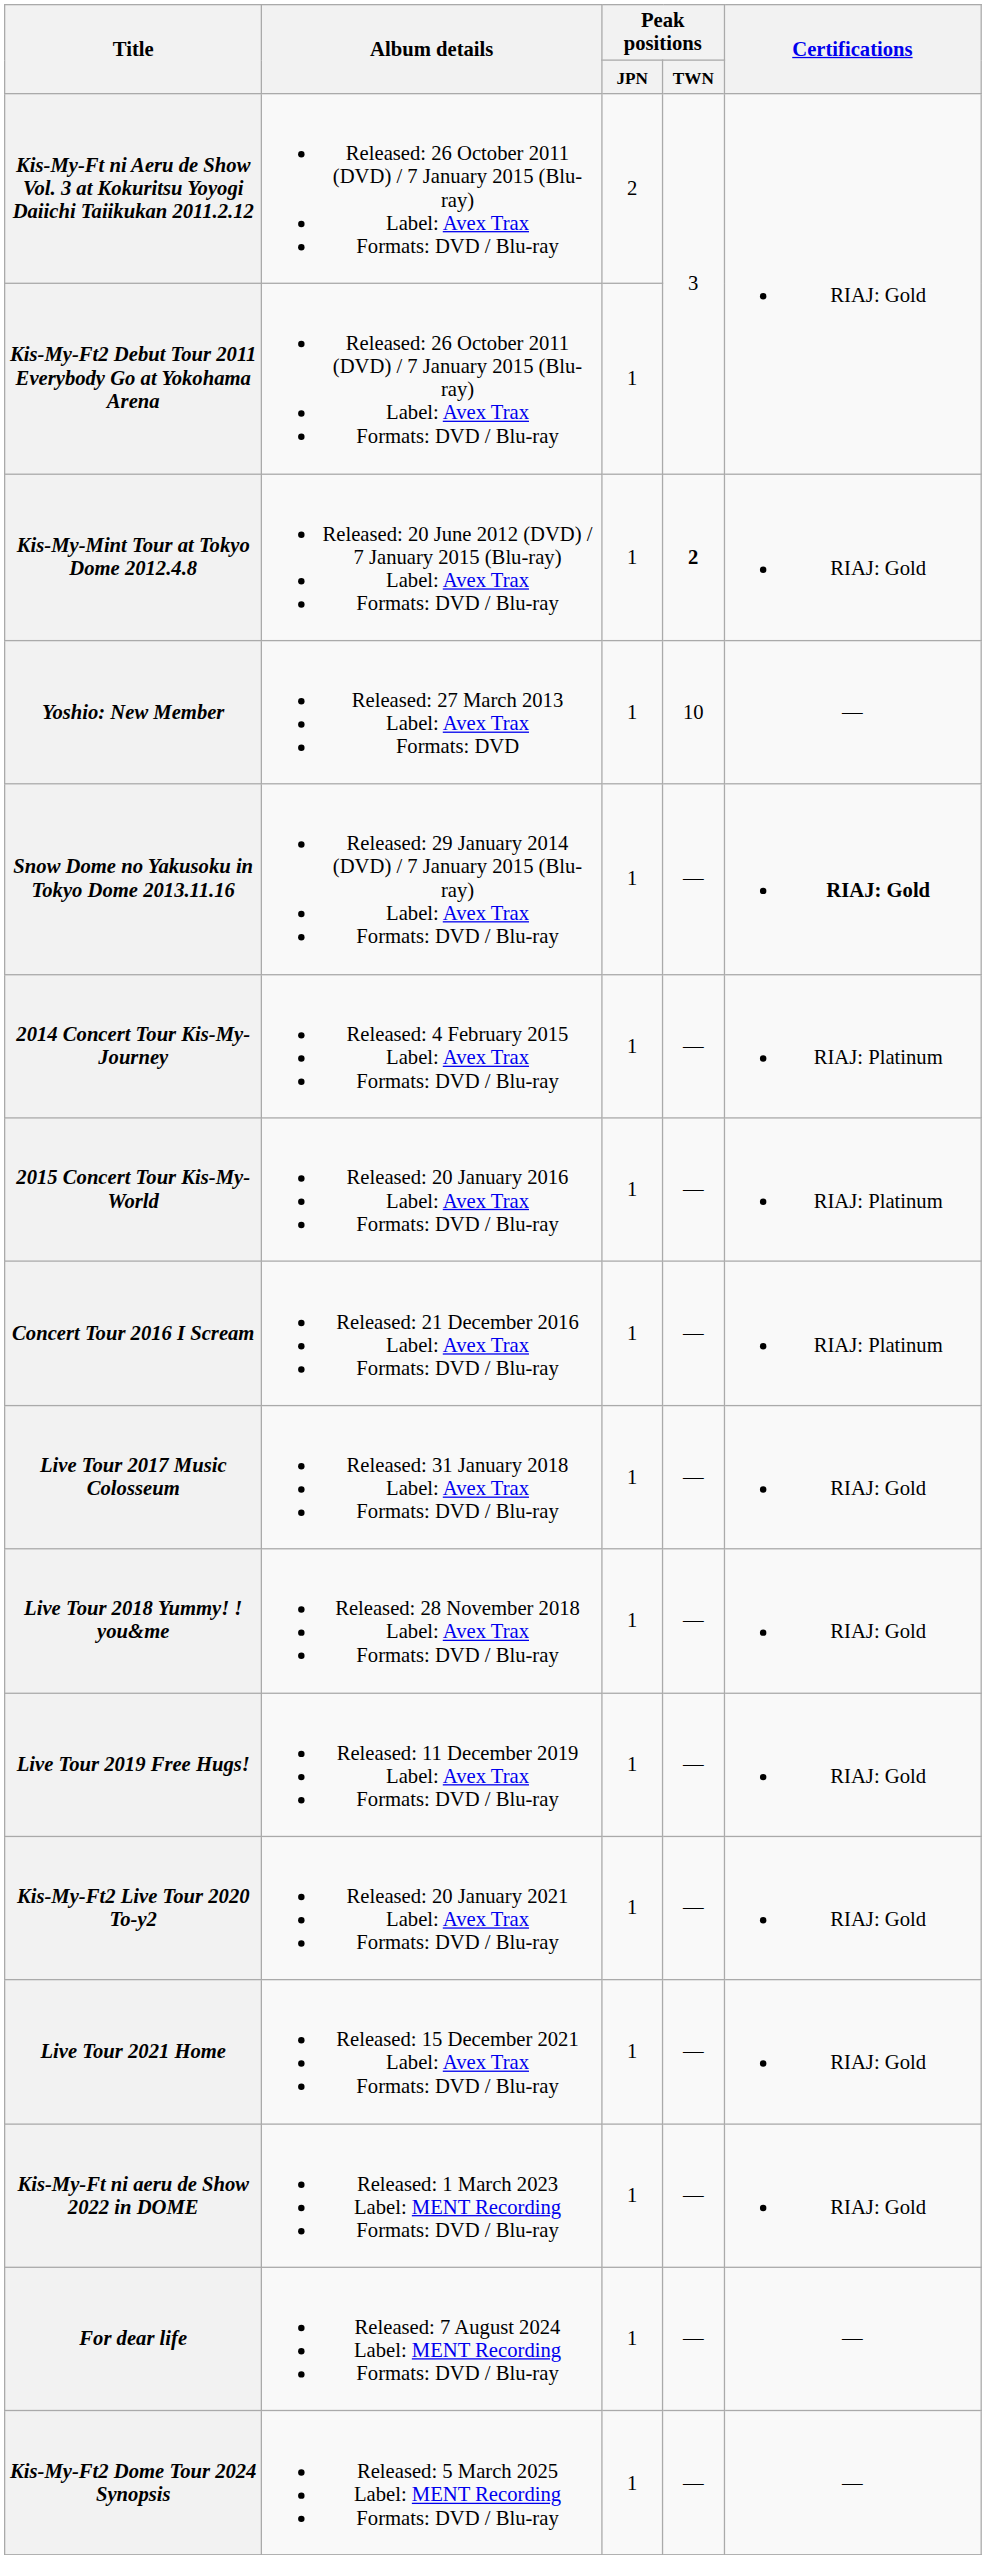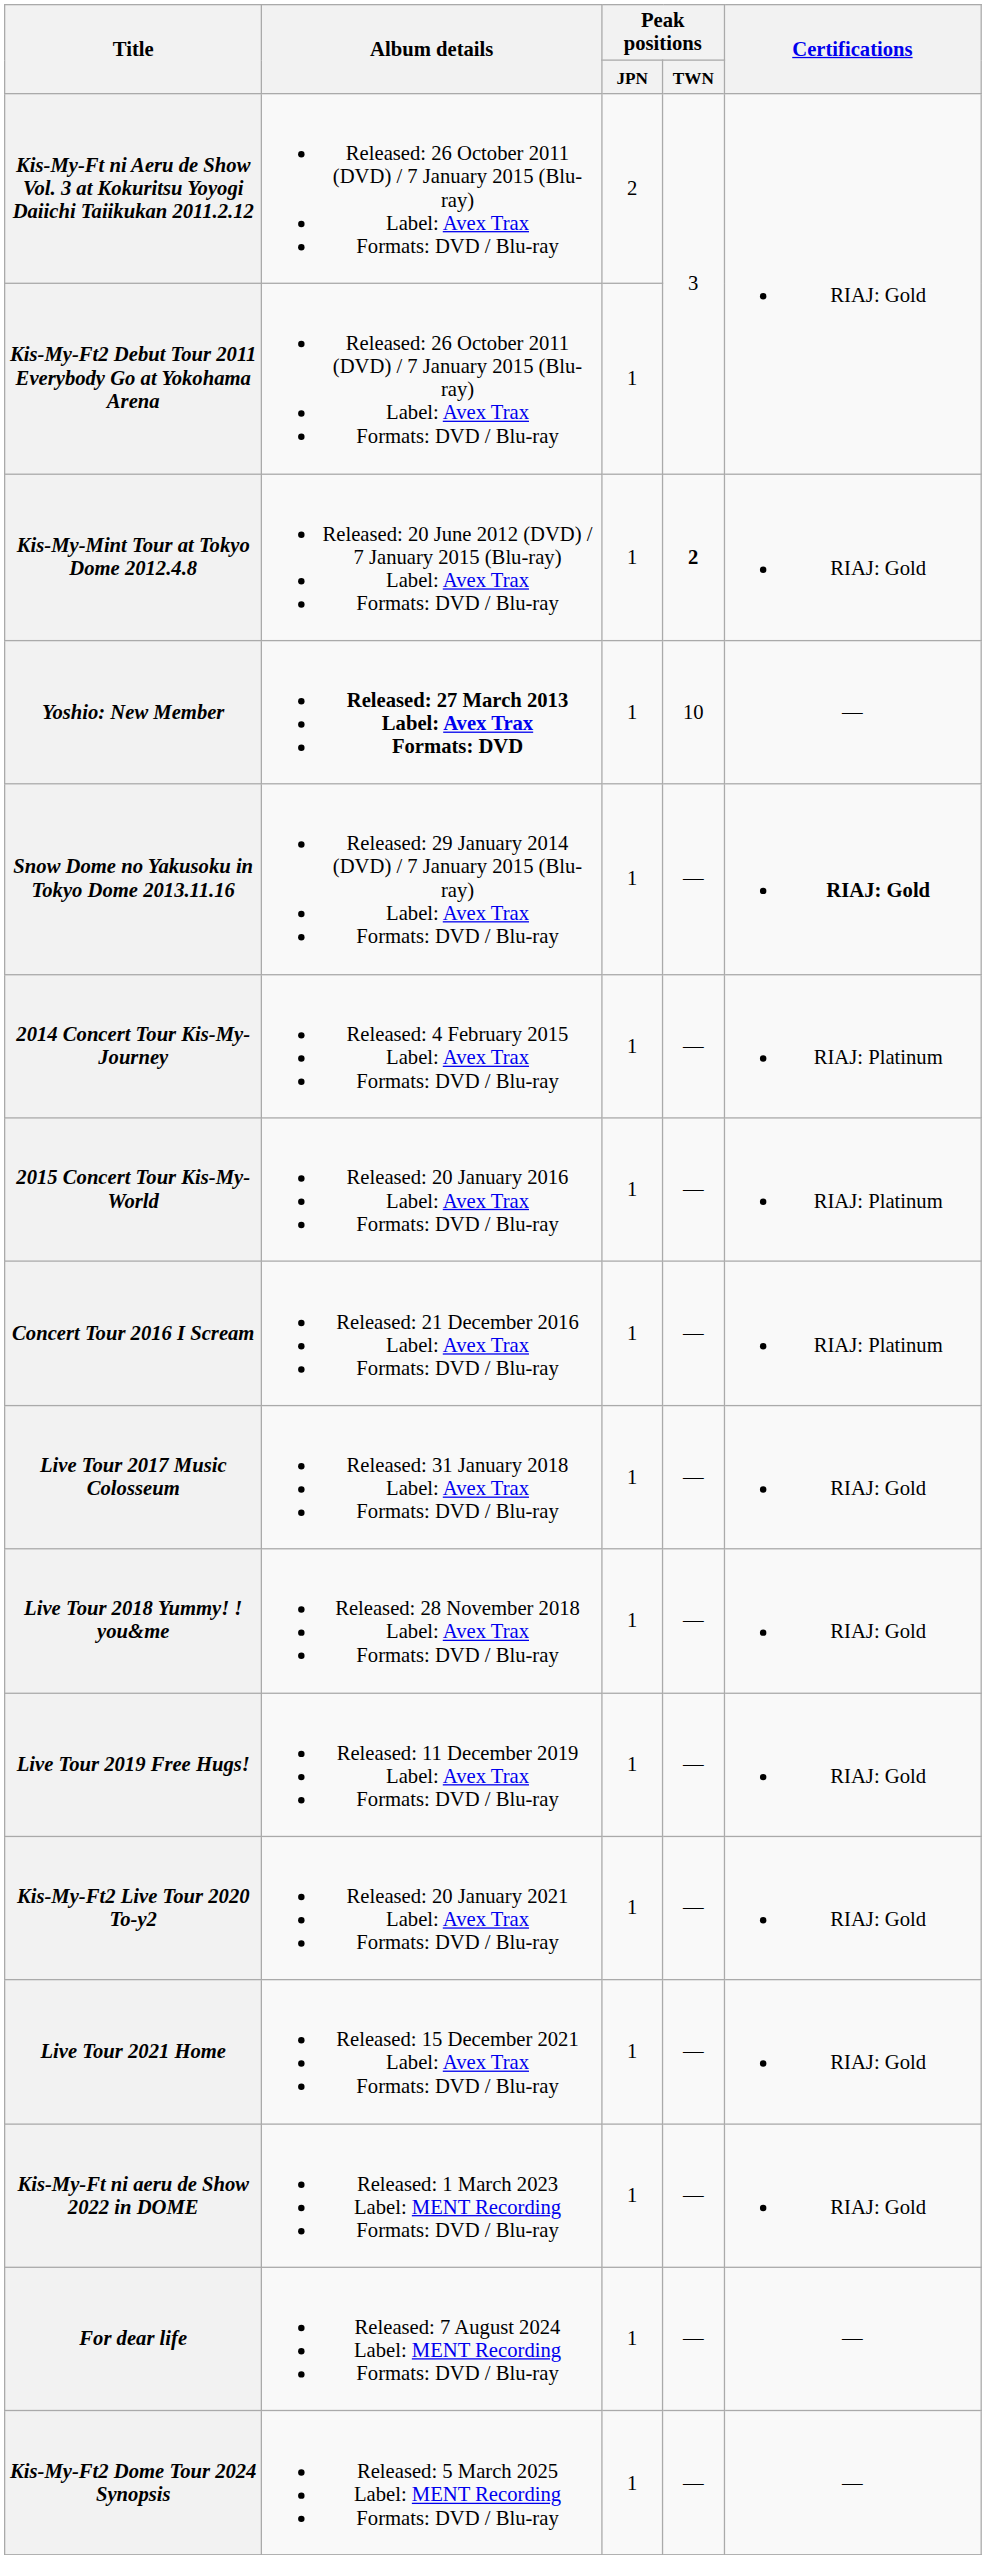 <table class="wikitable plainrowheaders" style="text-align:center;">
 <tr>
 <th style="width:12em;" rowspan="2">Title</th>
 <th style="width:16em;" rowspan="2">Album details</th>
 <th colspan="2">Peak positions</th>
 <th style="width:12em;" rowspan="2"><a href='#'>Certifications</a></th>
 </tr>
 <tr>
 <th style="width:2.5em;"><small>JPN</small><br></th>
 <th style="width:2.5em;"><small>TWN</small><br></th>
 </tr>
 <tr>
 <th scope="row"><em>Kis-My-Ft ni Aeru de Show Vol. 3 at Kokuritsu Yoyogi Daiichi Taiikukan 2011.2.12</em></th>
 <td><br><ul><li>Released: 26 October 2011 (DVD) / 7 January 2015 (Blu-ray)</li><li>Label: <a href='#'>Avex Trax</a></li><li>Formats: DVD / Blu-ray</li></ul></td>
 <td>2</td>
 <td rowspan="2">3</td>
 <td rowspan="2"><br><ul><li>RIAJ: Gold</li></ul></td>
 </tr>
 <tr>
 <th scope="row"><em>Kis-My-Ft2 Debut Tour 2011 Everybody Go at Yokohama Arena</em></th>
 <td><br><ul><li>Released: 26 October 2011 (DVD) / 7 January 2015 (Blu-ray)</li><li>Label: <a href='#'>Avex Trax</a></li><li>Formats: DVD / Blu-ray</li></ul></td>
 <td>1</td>
 </tr>
 <tr>
 <th scope="row"><em>Kis-My-Mint Tour at Tokyo Dome 2012.4.8</em></th>
 <td><br><ul><li>Released: 20 June 2012 (DVD) / 7 January 2015 (Blu-ray)</li><li>Label: <a href='#'>Avex Trax</a></li><li>Formats: DVD / Blu-ray</li></ul></td>
 <td>1</td>
 <td><strong>2</strong></td>
 <td><br><ul><li>RIAJ: Gold</li></ul></td>
 </tr>
 <tr>
 <th scope="row"><em>Yoshio: New Member</em></th>
-<td><br><ul><li>Released: 27 March 2013</li><li>Label: <a href='#'>Avex Trax</a></li><li>Formats: DVD</li></ul></td>
+<td><strong><br><ul><li>Released: 27 March 2013</li><li>Label: <a href='#'>Avex Trax</a></li><li>Formats: DVD</li></ul></strong></td>
 <td>1</td>
 <td>10</td>
 <td>—</td>
 </tr>
 <tr>
 <th scope="row"><em>Snow Dome no Yakusoku in Tokyo Dome 2013.11.16</em></th>
 <td><br><ul><li>Released: 29 January 2014 (DVD) / 7 January 2015 (Blu-ray)</li><li>Label: <a href='#'>Avex Trax</a></li><li>Formats: DVD / Blu-ray</li></ul></td>
 <td>1</td>
 <td>—</td>
 <td><strong><br><ul><li>RIAJ: Gold</li></ul></strong></td>
 </tr>
 <tr>
 <th scope="row"><em>2014 Concert Tour Kis-My-Journey</em></th>
 <td><br><ul><li>Released: 4 February 2015</li><li>Label: <a href='#'>Avex Trax</a></li><li>Formats: DVD / Blu-ray</li></ul></td>
 <td>1</td>
 <td>—</td>
 <td><br><ul><li>RIAJ: Platinum</li></ul></td>
 </tr>
 <tr>
 <th scope="row"><em>2015 Concert Tour Kis-My-World</em></th>
 <td><br><ul><li>Released: 20 January 2016</li><li>Label: <a href='#'>Avex Trax</a></li><li>Formats: DVD / Blu-ray</li></ul></td>
 <td>1</td>
 <td>—</td>
 <td><br><ul><li>RIAJ: Platinum</li></ul></td>
 </tr>
 <tr>
 <th scope="row"><em>Concert Tour 2016 I Scream</em></th>
 <td><br><ul><li>Released: 21 December 2016</li><li>Label: <a href='#'>Avex Trax</a></li><li>Formats: DVD / Blu-ray</li></ul></td>
 <td>1</td>
 <td>—</td>
 <td><br><ul><li>RIAJ: Platinum</li></ul></td>
 </tr>
 <tr>
 <th scope="row"><em>Live Tour 2017 Music Colosseum</em></th>
 <td><br><ul><li>Released: 31 January 2018</li><li>Label: <a href='#'>Avex Trax</a></li><li>Formats: DVD / Blu-ray</li></ul></td>
 <td>1</td>
 <td>—</td>
 <td><br><ul><li>RIAJ: Gold</li></ul></td>
 </tr>
 <tr>
 <th scope="row"><em>Live Tour 2018 Yummy! ! you&me</em></th>
 <td><br><ul><li>Released: 28 November 2018</li><li>Label: <a href='#'>Avex Trax</a></li><li>Formats: DVD / Blu-ray</li></ul></td>
 <td>1</td>
 <td>—</td>
 <td><br><ul><li>RIAJ: Gold</li></ul></td>
 </tr>
 <tr>
 <th scope="row"><em>Live Tour 2019 Free Hugs!</em></th>
 <td><br><ul><li>Released: 11 December 2019</li><li>Label: <a href='#'>Avex Trax</a></li><li>Formats: DVD / Blu-ray</li></ul></td>
 <td>1</td>
 <td>—</td>
 <td><br><ul><li>RIAJ: Gold</li></ul></td>
 </tr>
 <tr>
 <th scope="row"><em>Kis-My-Ft2 Live Tour 2020 To-y2</em></th>
 <td><br><ul><li>Released: 20 January 2021</li><li>Label: <a href='#'>Avex Trax</a></li><li>Formats: DVD / Blu-ray</li></ul></td>
 <td>1</td>
 <td>—</td>
 <td><br><ul><li>RIAJ: Gold</li></ul></td>
 </tr>
 <tr>
 <th scope="row"><em>Live Tour 2021 Home</em></th>
 <td><br><ul><li>Released: 15 December 2021</li><li>Label: <a href='#'>Avex Trax</a></li><li>Formats: DVD / Blu-ray</li></ul></td>
 <td>1</td>
 <td>—</td>
 <td><br><ul><li>RIAJ: Gold</li></ul></td>
 </tr>
 <tr>
 <th scope="row"><em>Kis-My-Ft ni aeru de Show 2022 in DOME</em></th>
 <td><br><ul><li>Released: 1 March 2023</li><li>Label: <a href='#'>MENT Recording</a></li><li>Formats: DVD / Blu-ray</li></ul></td>
 <td>1</td>
 <td>—</td>
 <td><br><ul><li>RIAJ: Gold</li></ul></td>
 </tr>
 <tr>
 <th scope="row"><em>For dear life</em></th>
 <td><br><ul><li>Released: 7 August 2024</li><li>Label: <a href='#'>MENT Recording</a></li><li>Formats: DVD / Blu-ray</li></ul></td>
 <td>1</td>
 <td>—</td>
 <td>—</td>
 </tr>
 <tr>
 <th scope="row"><em>Kis-My-Ft2 Dome Tour 2024 Synopsis</em></th>
 <td><br><ul><li>Released: 5 March 2025</li><li>Label: <a href='#'>MENT Recording</a></li><li>Formats: DVD / Blu-ray</li></ul></td>
 <td>1</td>
 <td>—</td>
 <td>—</td>
 </tr>
 <tr>
 </tr>
 </table>
